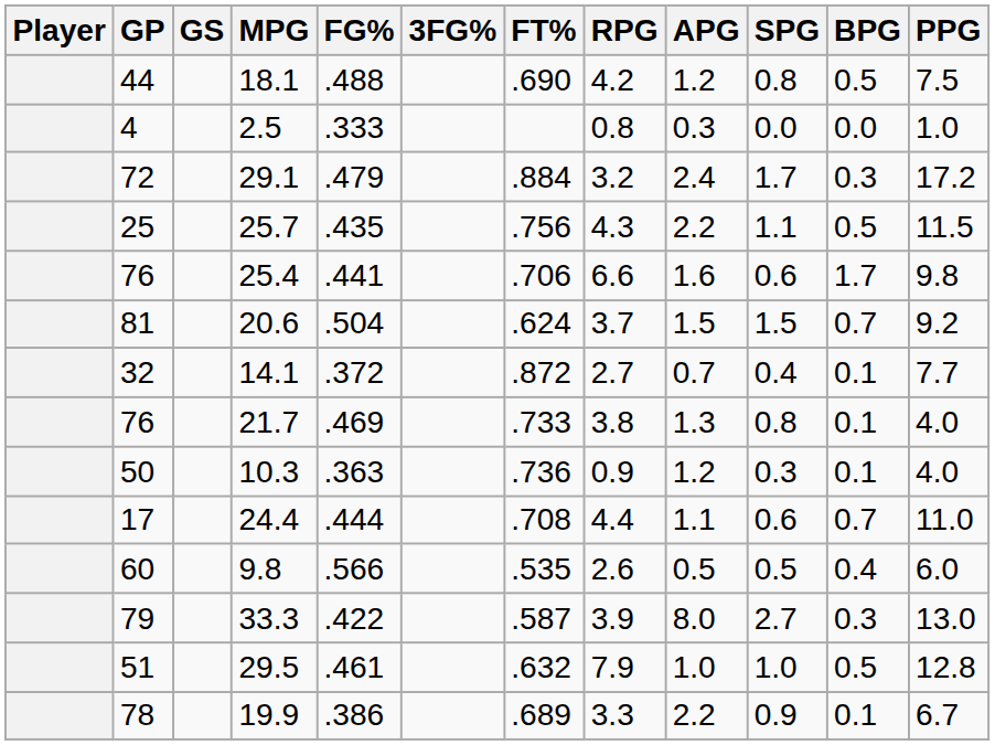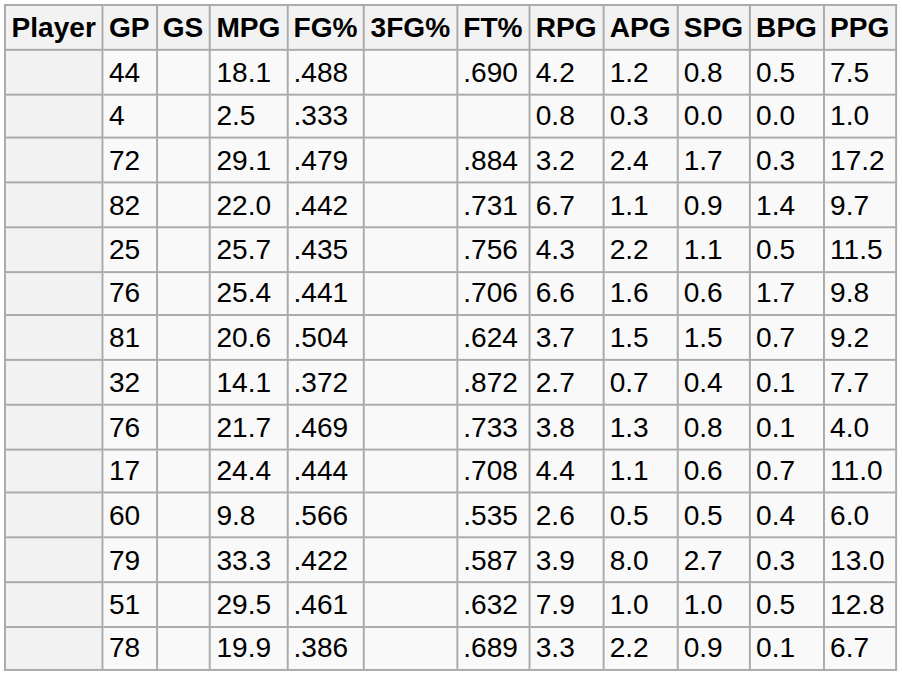 <table class="wikitable sortable" style="font-size: 90%">
 <tr>
 <th scope="col">Player</th>
 <th scope="col">GP</th>
 <th scope="col">GS</th>
 <th scope="col">MPG</th>
 <th scope="col">FG%</th>
 <th scope="col">3FG%</th>
 <th scope="col">FT%</th>
 <th scope="col">RPG</th>
 <th scope="col">APG</th>
 <th scope="col">SPG</th>
 <th scope="col">BPG</th>
 <th scope="col">PPG</th>
 </tr>
 <tr>
 <th scope="row" style="text-align:left;"></th>
 <td>44</td>
 <td></td>
 <td>18.1</td>
 <td>.488</td>
 <td></td>
 <td>.690</td>
 <td>4.2</td>
 <td>1.2</td>
 <td>0.8</td>
 <td>0.5</td>
 <td>7.5</td>
 </tr>
 <tr>
 <th scope="row" style="text-align:left;"></th>
 <td>4</td>
 <td></td>
 <td>2.5</td>
 <td>.333</td>
 <td></td>
 <td></td>
 <td>0.8</td>
 <td>0.3</td>
 <td>0.0</td>
 <td>0.0</td>
 <td>1.0</td>
 </tr>
 <tr>
 <th scope="row" style="text-align:left;"></th>
 <td>72</td>
 <td></td>
 <td>29.1</td>
 <td>.479</td>
 <td></td>
 <td>.884</td>
 <td>3.2</td>
 <td>2.4</td>
 <td>1.7</td>
 <td>0.3</td>
 <td>17.2</td>
+</tr>
+<tr>
+<th scope="row" style="text-align:left;"></th>
+<td>82</td>
+<td></td>
+<td>22.0</td>
+<td>.442</td>
+<td></td>
+<td>.731</td>
+<td>6.7</td>
+<td>1.1</td>
+<td>0.9</td>
+<td>1.4</td>
+<td>9.7</td>
 </tr>
 <tr>
 <th scope="row" style="text-align:left;"></th>
 <td>25</td>
 <td></td>
 <td>25.7</td>
 <td>.435</td>
 <td></td>
 <td>.756</td>
 <td>4.3</td>
 <td>2.2</td>
 <td>1.1</td>
 <td>0.5</td>
 <td>11.5</td>
 </tr>
 <tr>
 <th scope="row" style="text-align:left;"></th>
 <td>76</td>
 <td></td>
 <td>25.4</td>
 <td>.441</td>
 <td></td>
 <td>.706</td>
 <td>6.6</td>
 <td>1.6</td>
 <td>0.6</td>
 <td>1.7</td>
 <td>9.8</td>
 </tr>
 <tr>
 <th scope="row" style="text-align:left;"></th>
 <td>81</td>
 <td></td>
 <td>20.6</td>
 <td>.504</td>
 <td></td>
 <td>.624</td>
 <td>3.7</td>
 <td>1.5</td>
 <td>1.5</td>
 <td>0.7</td>
 <td>9.2</td>
 </tr>
 <tr>
 <th scope="row" style="text-align:left;"></th>
 <td>32</td>
 <td></td>
 <td>14.1</td>
 <td>.372</td>
 <td></td>
 <td>.872</td>
 <td>2.7</td>
 <td>0.7</td>
 <td>0.4</td>
 <td>0.1</td>
 <td>7.7</td>
 </tr>
 <tr>
 <th scope="row" style="text-align:left;"></th>
 <td>76</td>
 <td></td>
 <td>21.7</td>
 <td>.469</td>
 <td></td>
 <td>.733</td>
 <td>3.8</td>
 <td>1.3</td>
 <td>0.8</td>
-<td>0.1</td>
-<td>4.0</td>
-</tr>
-<tr>
-<th scope="row" style="text-align:left;"></th>
-<td>50</td>
-<td></td>
-<td>10.3</td>
-<td>.363</td>
-<td></td>
-<td>.736</td>
-<td>0.9</td>
-<td>1.2</td>
-<td>0.3</td>
 <td>0.1</td>
 <td>4.0</td>
 </tr>
 <tr>
 <th scope="row" style="text-align:left;"></th>
 <td>17</td>
 <td></td>
 <td>24.4</td>
 <td>.444</td>
 <td></td>
 <td>.708</td>
 <td>4.4</td>
 <td>1.1</td>
 <td>0.6</td>
 <td>0.7</td>
 <td>11.0</td>
 </tr>
 <tr>
 <th scope="row" style="text-align:left;"></th>
 <td>60</td>
 <td></td>
 <td>9.8</td>
 <td>.566</td>
 <td></td>
 <td>.535</td>
 <td>2.6</td>
 <td>0.5</td>
 <td>0.5</td>
 <td>0.4</td>
 <td>6.0</td>
 </tr>
 <tr>
 <th scope="row" style="text-align:left;"></th>
 <td>79</td>
 <td></td>
 <td>33.3</td>
 <td>.422</td>
 <td></td>
 <td>.587</td>
 <td>3.9</td>
 <td>8.0</td>
 <td>2.7</td>
 <td>0.3</td>
 <td>13.0</td>
 </tr>
 <tr>
 <th scope="row" style="text-align:left;"></th>
 <td>51</td>
 <td></td>
 <td>29.5</td>
 <td>.461</td>
 <td></td>
 <td>.632</td>
 <td>7.9</td>
 <td>1.0</td>
 <td>1.0</td>
 <td>0.5</td>
 <td>12.8</td>
 </tr>
 <tr>
 <th scope="row" style="text-align:left;"></th>
 <td>78</td>
 <td></td>
 <td>19.9</td>
 <td>.386</td>
 <td></td>
 <td>.689</td>
 <td>3.3</td>
 <td>2.2</td>
 <td>0.9</td>
 <td>0.1</td>
 <td>6.7</td>
 </tr>
 </table>
